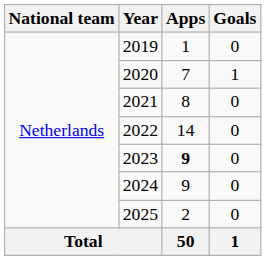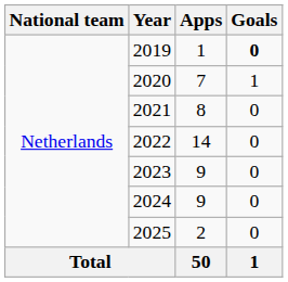 <table class=wikitable style=text-align:center>
 <tr>
 <th>National team</th>
 <th>Year</th>
 <th>Apps</th>
 <th>Goals</th>
 </tr>
 <tr>
 <td rowspan=7><a href='#'>Netherlands</a></td>
 <td>2019</td>
 <td>1</td>
-<td>0</td>
+<td><strong>0</strong></td>
 </tr>
 <tr>
 <td>2020</td>
 <td>7</td>
 <td>1</td>
 </tr>
 <tr>
 <td>2021</td>
 <td>8</td>
 <td>0</td>
 </tr>
 <tr>
 <td>2022</td>
 <td>14</td>
 <td>0</td>
 </tr>
 <tr>
 <td>2023</td>
-<td><strong>9</strong></td>
+<td>9</td>
 <td>0</td>
 </tr>
 <tr>
 <td>2024</td>
 <td>9</td>
 <td>0</td>
 </tr>
 <tr>
 <td>2025</td>
 <td>2</td>
 <td>0</td>
 </tr>
 <tr>
 <th colspan=2>Total</th>
 <th>50</th>
 <th>1</th>
 </tr>
 </table>
